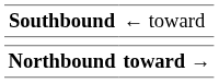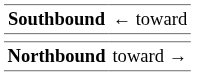 <table border="1" cellspacing="0" cellpadding="3" frame="hsides" rules="rows">
 <tr>
 <th><span>Southbound</span></th>
 <td>←  toward </td>
 </tr>
 <tr>
 <th></th>
 <td></td>
 </tr>
 <tr>
 <th><span>Northbound</span></th>
-<td><strong>  toward  →</strong></td>
+<td>  toward  →</td>
 </tr>
 </table>
